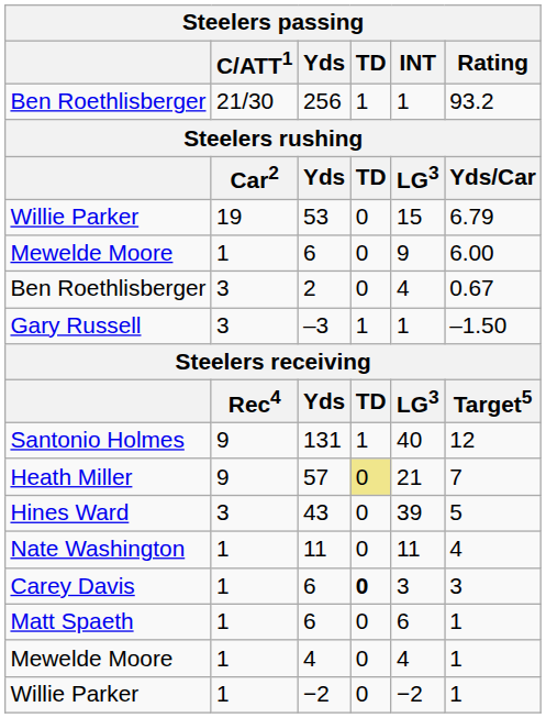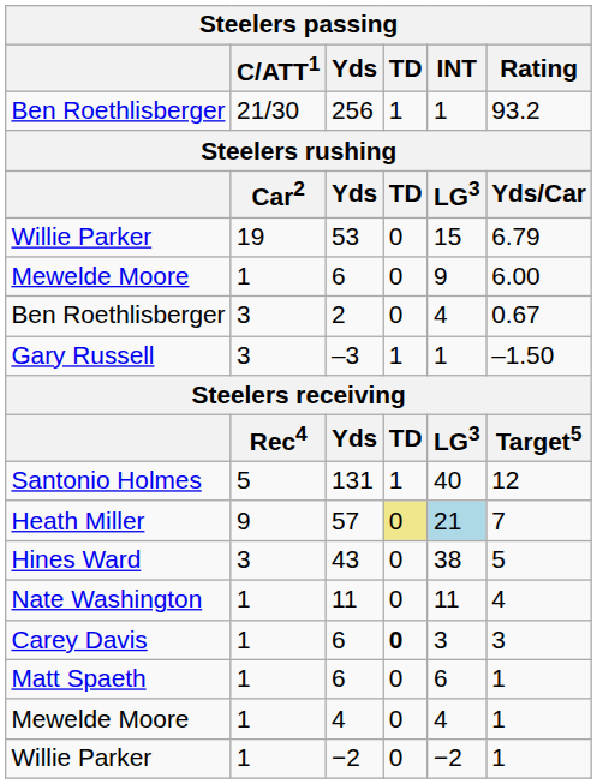 <table class="wikitable">
 <tr>
 <th colspan="6">Steelers passing</th>
 </tr>
 <tr>
 <th></th>
 <th>C/ATT<sup>1</sup></th>
 <th>Yds</th>
 <th>TD</th>
 <th>INT</th>
 <th>Rating</th>
 </tr>
 <tr>
 <td><a href='#'>Ben Roethlisberger</a></td>
 <td>21/30</td>
 <td>256</td>
 <td>1</td>
 <td>1</td>
 <td>93.2</td>
 </tr>
 <tr>
 <th colspan="6">Steelers rushing</th>
 </tr>
 <tr>
 <th></th>
 <th>Car<sup>2</sup></th>
 <th>Yds</th>
 <th>TD</th>
 <th>LG<sup>3</sup></th>
 <th>Yds/Car</th>
 </tr>
 <tr>
 <td><a href='#'>Willie Parker</a></td>
 <td>19</td>
 <td>53</td>
 <td>0</td>
 <td>15</td>
 <td>6.79</td>
 </tr>
 <tr>
 <td><a href='#'>Mewelde Moore</a></td>
 <td>1</td>
 <td>6</td>
 <td>0</td>
 <td>9</td>
 <td>6.00</td>
 </tr>
 <tr>
 <td>Ben Roethlisberger</td>
 <td>3</td>
 <td>2</td>
 <td>0</td>
 <td>4</td>
 <td>0.67</td>
 </tr>
 <tr>
 <td><a href='#'>Gary Russell</a></td>
 <td>3</td>
 <td>–3</td>
 <td>1</td>
 <td>1</td>
 <td>–1.50</td>
 </tr>
 <tr>
 <th colspan="6">Steelers receiving</th>
 </tr>
 <tr>
 <th></th>
 <th>Rec<sup>4</sup></th>
 <th>Yds</th>
 <th>TD</th>
 <th>LG<sup>3</sup></th>
 <th>Target<sup>5</sup></th>
 </tr>
 <tr>
 <td><a href='#'>Santonio Holmes</a></td>
-<td>9</td>
+<td>5</td>
 <td>131</td>
 <td>1</td>
 <td>40</td>
 <td>12</td>
 </tr>
 <tr>
 <td><a href='#'>Heath Miller</a></td>
 <td>9</td>
 <td>57</td>
 <td style="background: khaki;">0</td>
-<td>21</td>
+<td style="background: lightblue;">21</td>
 <td>7</td>
 </tr>
 <tr>
 <td><a href='#'>Hines Ward</a></td>
 <td>3</td>
 <td>43</td>
 <td>0</td>
-<td>39</td>
+<td>38</td>
 <td>5</td>
 </tr>
 <tr>
 <td><a href='#'>Nate Washington</a></td>
 <td>1</td>
 <td>11</td>
 <td>0</td>
 <td>11</td>
 <td>4</td>
 </tr>
 <tr>
 <td><a href='#'>Carey Davis</a></td>
 <td>1</td>
 <td>6</td>
 <td><strong>0</strong></td>
 <td>3</td>
 <td>3</td>
 </tr>
 <tr>
 <td><a href='#'>Matt Spaeth</a></td>
 <td>1</td>
 <td>6</td>
 <td>0</td>
 <td>6</td>
 <td>1</td>
 </tr>
 <tr>
 <td>Mewelde Moore</td>
 <td>1</td>
 <td>4</td>
 <td>0</td>
 <td>4</td>
 <td>1</td>
 </tr>
 <tr>
 <td>Willie Parker</td>
 <td>1</td>
 <td>−2</td>
 <td>0</td>
 <td>−2</td>
 <td>1</td>
 </tr>
 </table>
